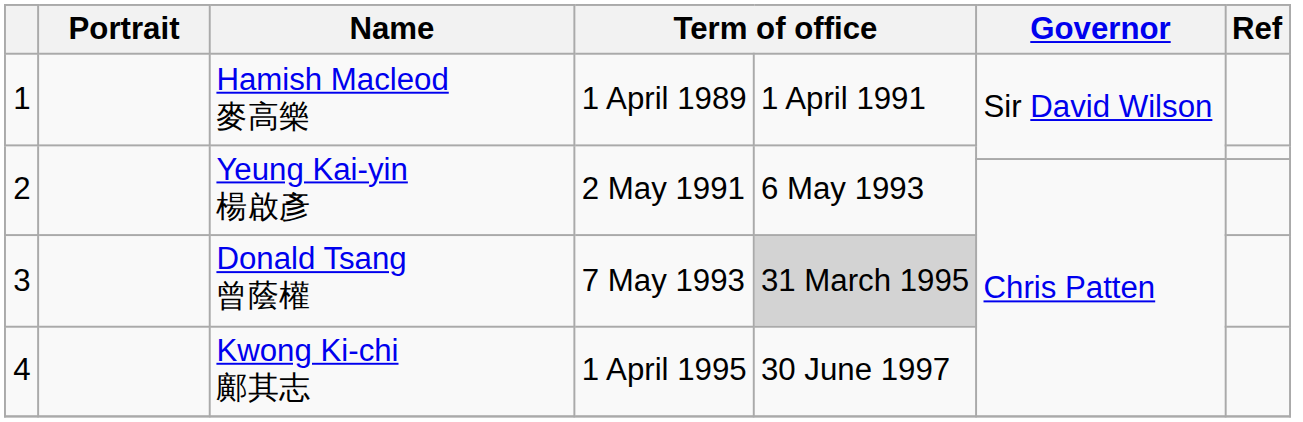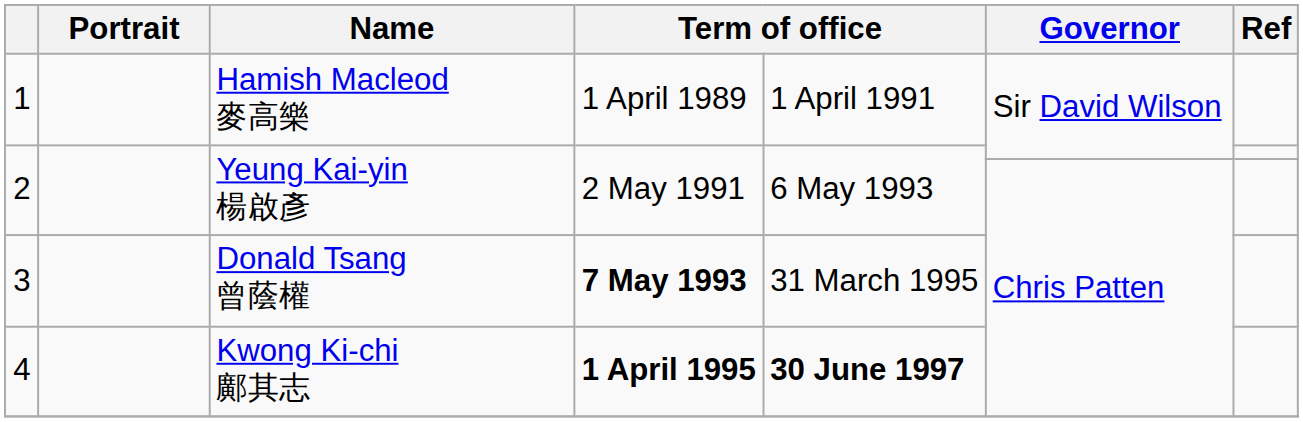 <table class="wikitable"  style="text-align:left">
 <tr>
 <th width=10px></th>
 <th width=80px>Portrait</th>
 <th width=180px>Name</th>
 <th width=180px colspan=2>Term of office</th>
 <th width=120px><a href='#'>Governor</a></th>
 <th>Ref</th>
 </tr>
 <tr>
 <td align=center>1</td>
 <td></td>
 <td><a href='#'>Hamish Macleod</a><br>麥高樂</td>
 <td>1 April 1989</td>
 <td>1 April 1991</td>
 <td rowspan=2>Sir <a href='#'>David Wilson</a><br></td>
 <td></td>
 </tr>
 <tr>
 <td rowspan=2 align=center>2</td>
 <td rowspan=2></td>
 <td rowspan=2><a href='#'>Yeung Kai-yin</a><br>楊啟彥</td>
 <td rowspan=2>2 May 1991</td>
 <td rowspan=2>6 May 1993</td>
 <td></td>
 </tr>
 <tr>
 <td rowspan=3><a href='#'>Chris Patten</a><br></td>
 <td></td>
 </tr>
 <tr>
 <td align=center>3</td>
 <td></td>
 <td><a href='#'>Donald Tsang</a><br>曾蔭權</td>
-<td>7 May 1993</td>
-<td style="background: lightgrey;">31 March 1995</td>
+<td><strong>7 May 1993</strong></td>
+<td>31 March 1995</td>
 <td></td>
 </tr>
 <tr>
 <td align=center>4</td>
 <td></td>
 <td><a href='#'>Kwong Ki-chi</a><br>鄺其志</td>
-<td>1 April 1995</td>
-<td>30 June 1997</td>
+<td><strong>1 April 1995</strong></td>
+<td><strong>30 June 1997</strong></td>
 <td></td>
 </tr>
 <tr>
 </tr>
 </table>
